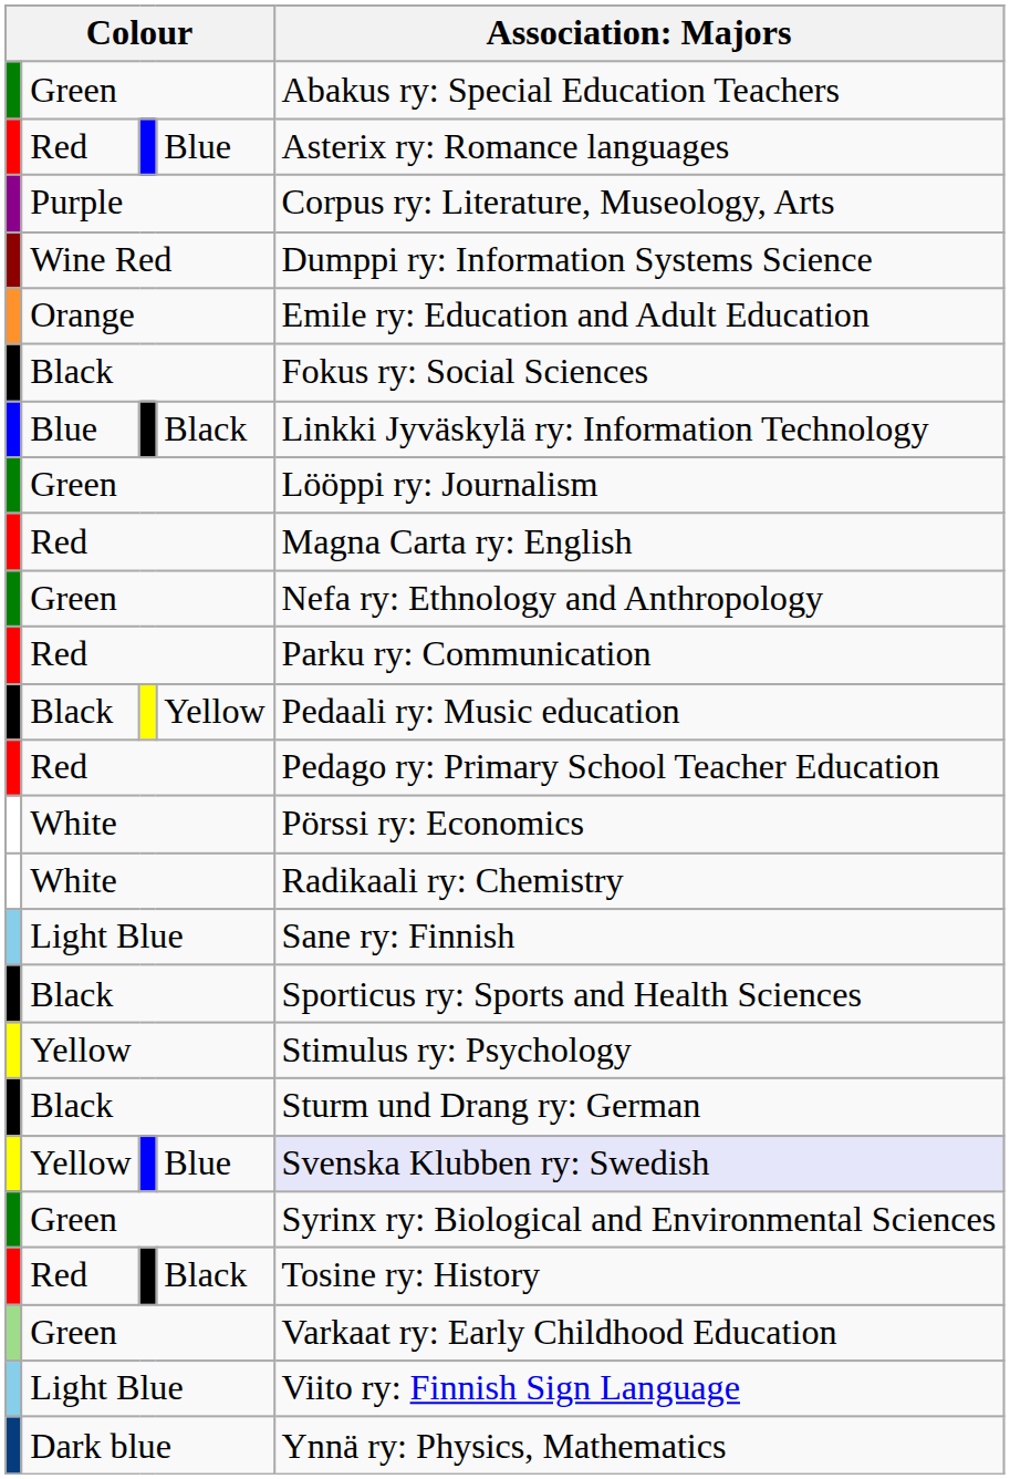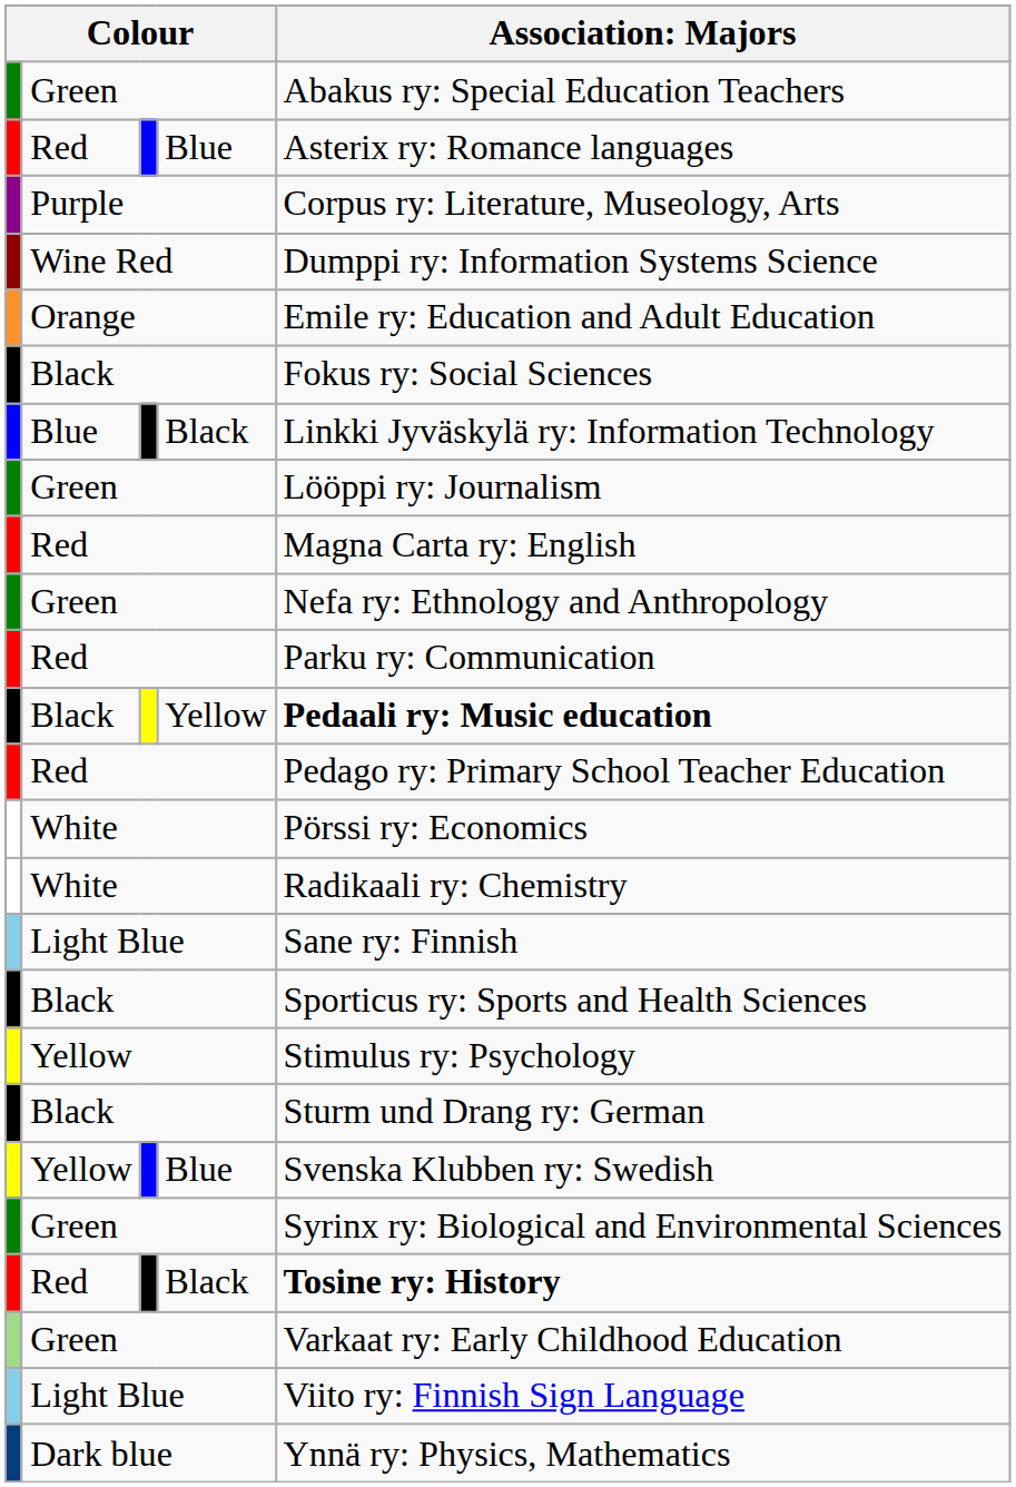 <table class="wikitable">
 <tr>
 <th colspan="4">Colour</th>
 <th colspan = "6">Association: Majors</th>
 </tr>
 <tr>
 <td style="background:#008000"></td>
 <td colspan=3>Green</td>
 <td>Abakus ry: Special Education Teachers</td>
 </tr>
 <tr>
 <td style="background:#ff0000"></td>
 <td>Red</td>
 <td style="background:#0000FF"></td>
 <td>Blue</td>
 <td>Asterix ry: Romance languages</td>
 </tr>
 <tr>
 <td style="background:#8B008B"></td>
 <td colspan=3>Purple</td>
 <td>Corpus ry: Literature, Museology, Arts</td>
 </tr>
 <tr>
 <td style="background:#8C0000"></td>
 <td colspan=3>Wine Red</td>
 <td>Dumppi ry: Information Systems Science</td>
 </tr>
 <tr>
 <td style="background:#ff922b"></td>
 <td colspan=3>Orange</td>
 <td>Emile ry: Education and Adult Education</td>
 </tr>
 <tr>
 <td style="background:#000000"></td>
 <td colspan=3>Black</td>
 <td>Fokus ry: Social Sciences</td>
 </tr>
 <tr>
 <td style="background:#0000FF"></td>
 <td>Blue</td>
 <td style="background:#000000"></td>
 <td>Black</td>
 <td>Linkki Jyväskylä ry: Information Technology</td>
 </tr>
 <tr>
 <td style="background:#008000"></td>
 <td colspan=3>Green</td>
 <td>Lööppi ry: Journalism</td>
 </tr>
 <tr>
 <td style="background:#ff0000"></td>
 <td colspan=3>Red</td>
 <td>Magna Carta ry: English</td>
 </tr>
 <tr>
 <td style="background:#008000"></td>
 <td colspan=3>Green</td>
 <td>Nefa ry: Ethnology and Anthropology</td>
 </tr>
 <tr>
 <td style="background:#ff0000"></td>
 <td colspan=3>Red</td>
 <td>Parku ry: Communication</td>
 </tr>
 <tr>
 <td style="background:#000000"></td>
 <td>Black</td>
 <td style="background:#FFFF00"></td>
 <td>Yellow</td>
-<td>Pedaali ry: Music education</td>
+<td><strong>Pedaali ry: Music education</strong></td>
 </tr>
 <tr>
 <td style="background:#ff0000"></td>
 <td colspan=3>Red</td>
 <td>Pedago ry: Primary School Teacher Education</td>
 </tr>
 <tr>
 <td style="background:white"></td>
 <td colspan=3>White</td>
 <td>Pörssi ry: Economics</td>
 </tr>
 <tr>
 <td style="background:white"></td>
 <td colspan=3>White</td>
 <td>Radikaali ry: Chemistry</td>
 </tr>
 <tr>
 <td style="background:#87CEEB"></td>
 <td colspan=3>Light Blue</td>
 <td>Sane ry: Finnish</td>
 </tr>
 <tr>
 <td style="background:#000000"></td>
 <td colspan=3>Black</td>
 <td>Sporticus ry: Sports and Health Sciences</td>
 </tr>
 <tr>
 <td style="background:#FFFF00"></td>
 <td colspan=3>Yellow</td>
 <td>Stimulus ry: Psychology</td>
 </tr>
 <tr>
 <td style="background:#000000"></td>
 <td colspan=3>Black</td>
 <td>Sturm und Drang ry: German</td>
 </tr>
 <tr>
 <td style="background:#FFFF00"></td>
 <td>Yellow</td>
 <td style="background:#0000FF"></td>
 <td>Blue</td>
-<td style="background: lavender;">Svenska Klubben ry: Swedish</td>
+<td>Svenska Klubben ry: Swedish</td>
 </tr>
 <tr>
 <td style="background:#008000"></td>
 <td colspan=3>Green</td>
 <td>Syrinx ry: Biological and Environmental Sciences</td>
 </tr>
 <tr>
 <td style="background:#ff0000"></td>
 <td>Red</td>
 <td style="background:#000000"></td>
 <td>Black</td>
-<td>Tosine ry: History</td>
+<td><strong>Tosine ry: History</strong></td>
 </tr>
 <tr>
 <td style="background:#9fdc89"></td>
 <td colspan=3>Green</td>
 <td>Varkaat ry: Early Childhood Education</td>
 </tr>
 <tr>
 <td style="background:#87CEEB"></td>
 <td colspan=3>Light Blue</td>
 <td>Viito ry: <a href='#'>Finnish Sign Language</a></td>
 </tr>
 <tr>
 <td style="background:#043C7E"></td>
 <td colspan=3>Dark blue</td>
 <td>Ynnä ry: Physics, Mathematics</td>
 </tr>
 </table>
